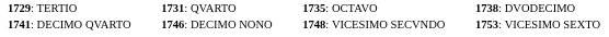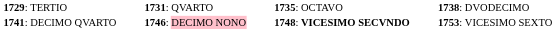 <table style="margin:0.2em auto">
 <tr>
 <td width="9%" align="right"><strong>1729</strong>:</td>
 <td align="left">TERTIO</td>
 <td width="9%" align="right"><strong>1731</strong>:</td>
 <td align="left">QVARTO</td>
 <td width="9%" align="right"><strong>1735</strong>:</td>
 <td align="left">OCTAVO</td>
 <td width="9%" align="right"><strong>1738</strong>:</td>
 <td align="left">DVODECIMO</td>
 </tr>
 <tr>
 <td align="right"><strong>1741</strong>:</td>
 <td align="left">DECIMO QVARTO</td>
 <td align="right"><strong>1746</strong>:</td>
-<td align="left">DECIMO NONO</td>
+<td align="left" style="background: pink;">DECIMO NONO</td>
 <td align="right"><strong>1748</strong>:</td>
-<td align="left">VICESIMO SECVNDO</td>
+<td align="left"><strong>VICESIMO SECVNDO</strong></td>
 <td align="right"><strong>1753</strong>:</td>
 <td align="left">VICESIMO SEXTO</td>
 </tr>
 </table>
